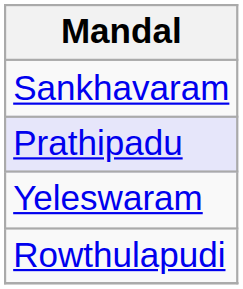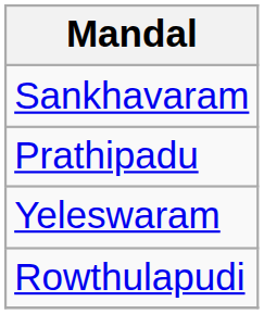 <table class="wikitable sortable static-row-numbers static-row-header-hash">
 <tr>
 <th>Mandal</th>
 </tr>
 <tr>
 <td><a href='#'>Sankhavaram</a></td>
 </tr>
 <tr>
-<td style="background: lavender;"><a href='#'>Prathipadu</a></td>
+<td><a href='#'>Prathipadu</a></td>
 </tr>
 <tr>
 <td><a href='#'>Yeleswaram</a></td>
 </tr>
 <tr>
 <td><a href='#'>Rowthulapudi</a></td>
 </tr>
 <tr>
 </tr>
 </table>
